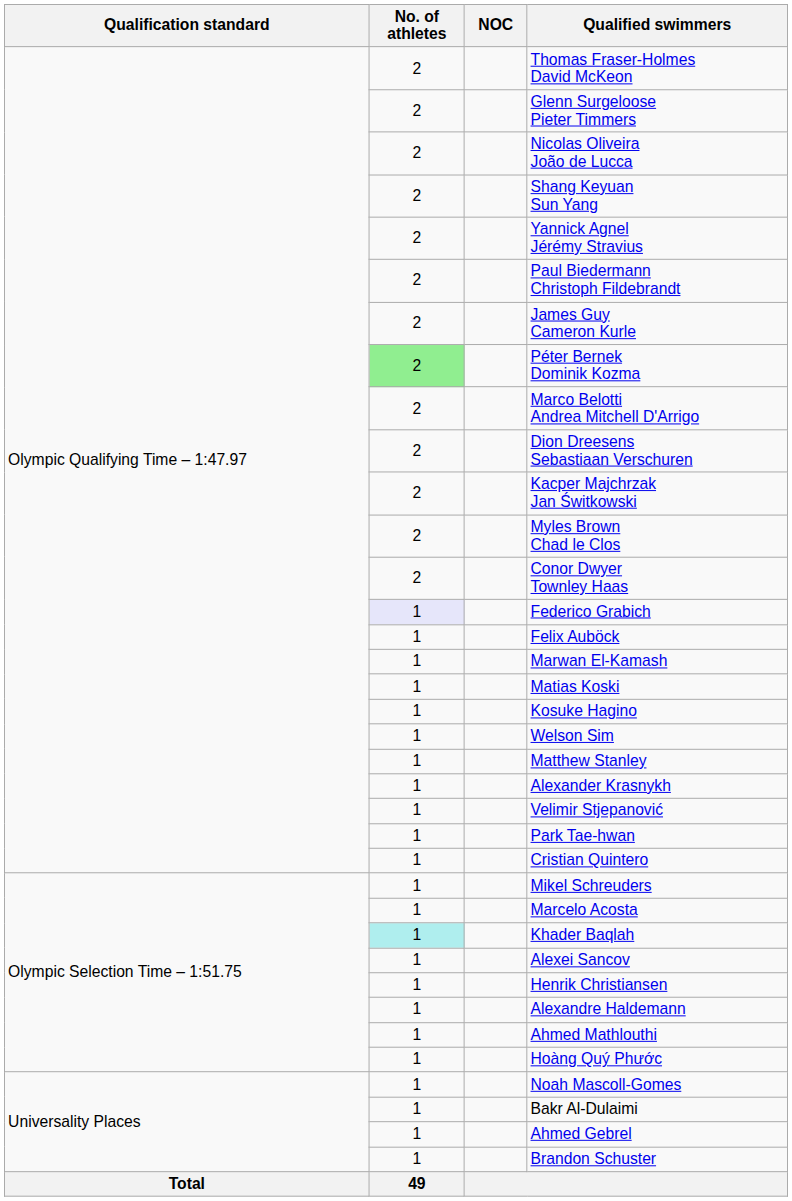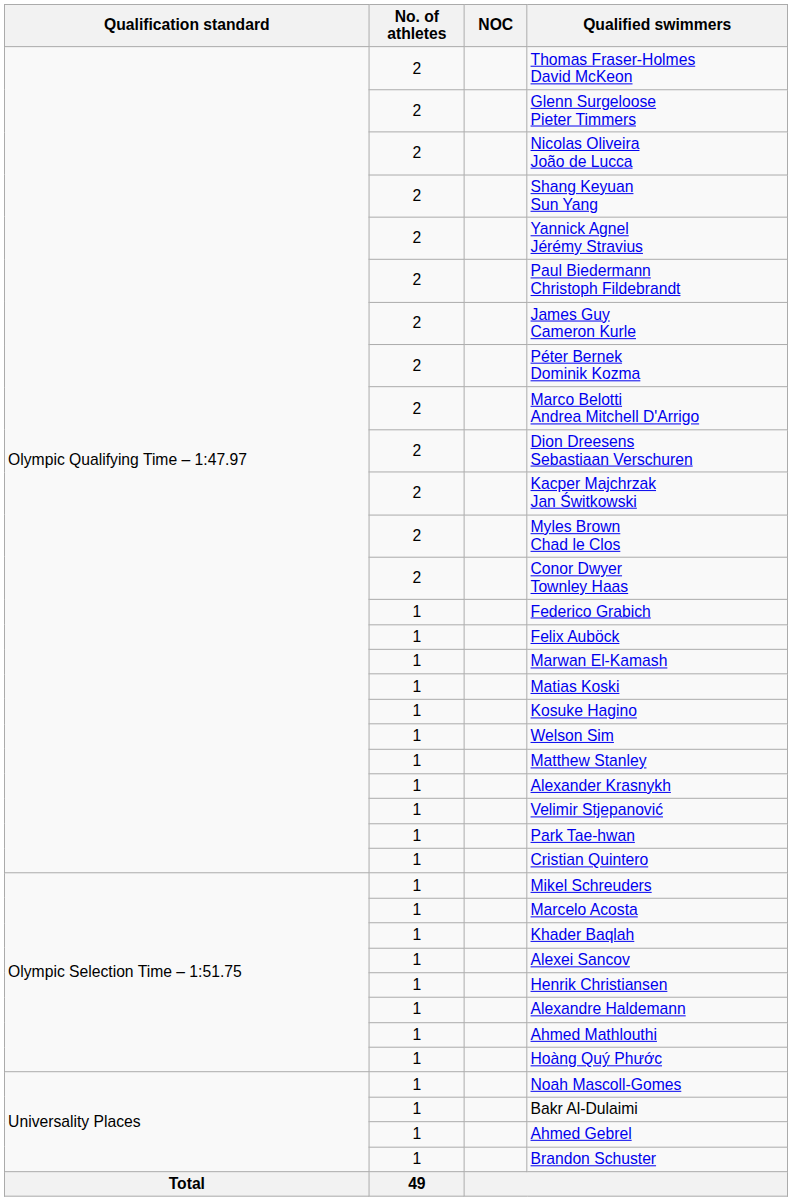 <table class=wikitable style="text-align:left" width=800>
 <tr>
 <th>Qualification standard</th>
 <th width=90>No. of athletes</th>
 <th>NOC</th>
 <th>Qualified swimmers</th>
 </tr>
 <tr>
 <td rowspan=24>Olympic Qualifying Time – 1:47.97</td>
 <td align=center>2</td>
 <td></td>
 <td><a href='#'>Thomas Fraser-Holmes</a><br><a href='#'>David McKeon</a></td>
 </tr>
 <tr>
 <td align=center>2</td>
 <td></td>
 <td><a href='#'>Glenn Surgeloose</a><br><a href='#'>Pieter Timmers</a></td>
 </tr>
 <tr>
 <td align=center>2</td>
 <td></td>
 <td><a href='#'>Nicolas Oliveira</a><br><a href='#'>João de Lucca</a></td>
 </tr>
 <tr>
 <td align=center>2</td>
 <td></td>
 <td><a href='#'>Shang Keyuan</a><br><a href='#'>Sun Yang</a></td>
 </tr>
 <tr>
 <td align=center>2</td>
 <td></td>
 <td><a href='#'>Yannick Agnel</a><br><a href='#'>Jérémy Stravius</a></td>
 </tr>
 <tr>
 <td align=center>2</td>
 <td></td>
 <td><a href='#'>Paul Biedermann</a><br><a href='#'>Christoph Fildebrandt</a></td>
 </tr>
 <tr>
 <td align=center>2</td>
 <td></td>
 <td><a href='#'>James Guy</a><br><a href='#'>Cameron Kurle</a></td>
 </tr>
 <tr>
-<td align=center style="background: lightgreen;">2</td>
+<td align=center>2</td>
 <td></td>
 <td><a href='#'>Péter Bernek</a><br><a href='#'>Dominik Kozma</a></td>
 </tr>
 <tr>
 <td align=center>2</td>
 <td></td>
 <td><a href='#'>Marco Belotti</a><br><a href='#'>Andrea Mitchell D'Arrigo</a></td>
 </tr>
 <tr>
 <td align=center>2</td>
 <td></td>
 <td><a href='#'>Dion Dreesens</a><br><a href='#'>Sebastiaan Verschuren</a></td>
 </tr>
 <tr>
 <td align=center>2</td>
 <td></td>
 <td><a href='#'>Kacper Majchrzak</a><br><a href='#'>Jan Świtkowski</a></td>
 </tr>
 <tr>
 <td align=center>2</td>
 <td></td>
 <td><a href='#'>Myles Brown</a><br><a href='#'>Chad le Clos</a></td>
 </tr>
 <tr>
 <td align=center>2</td>
 <td></td>
 <td><a href='#'>Conor Dwyer</a><br><a href='#'>Townley Haas</a></td>
 </tr>
 <tr>
-<td align=center style="background: lavender;">1</td>
+<td align=center>1</td>
 <td></td>
 <td><a href='#'>Federico Grabich</a></td>
 </tr>
 <tr>
 <td align=center>1</td>
 <td></td>
 <td><a href='#'>Felix Auböck</a></td>
 </tr>
 <tr>
 <td align=center>1</td>
 <td></td>
 <td><a href='#'>Marwan El-Kamash</a></td>
 </tr>
 <tr>
 <td align=center>1</td>
 <td></td>
 <td><a href='#'>Matias Koski</a></td>
 </tr>
 <tr>
 <td align=center>1</td>
 <td></td>
 <td><a href='#'>Kosuke Hagino</a></td>
 </tr>
 <tr>
 <td align=center>1</td>
 <td></td>
 <td><a href='#'>Welson Sim</a></td>
 </tr>
 <tr>
 <td align=center>1</td>
 <td></td>
 <td><a href='#'>Matthew Stanley</a></td>
 </tr>
 <tr>
 <td align=center>1</td>
 <td></td>
 <td><a href='#'>Alexander Krasnykh</a></td>
 </tr>
 <tr>
 <td align=center>1</td>
 <td></td>
 <td><a href='#'>Velimir Stjepanović</a></td>
 </tr>
 <tr>
 <td align=center>1</td>
 <td></td>
 <td><a href='#'>Park Tae-hwan</a></td>
 </tr>
 <tr>
 <td align=center>1</td>
 <td></td>
 <td><a href='#'>Cristian Quintero</a></td>
 </tr>
 <tr>
 <td rowspan=8>Olympic Selection Time – 1:51.75</td>
 <td align=center>1</td>
 <td></td>
 <td><a href='#'>Mikel Schreuders</a></td>
 </tr>
 <tr>
 <td align=center>1</td>
 <td></td>
 <td><a href='#'>Marcelo Acosta</a></td>
 </tr>
 <tr>
-<td align=center style="background: paleturquoise;">1</td>
+<td align=center>1</td>
 <td></td>
 <td><a href='#'>Khader Baqlah</a></td>
 </tr>
 <tr>
 <td align=center>1</td>
 <td></td>
 <td><a href='#'>Alexei Sancov</a></td>
 </tr>
 <tr>
 <td align=center>1</td>
 <td></td>
 <td><a href='#'>Henrik Christiansen</a></td>
 </tr>
 <tr>
 <td align=center>1</td>
 <td></td>
 <td><a href='#'>Alexandre Haldemann</a></td>
 </tr>
 <tr>
 <td align=center>1</td>
 <td></td>
 <td><a href='#'>Ahmed Mathlouthi</a></td>
 </tr>
 <tr>
 <td align=center>1</td>
 <td></td>
 <td><a href='#'>Hoàng Quý Phước</a></td>
 </tr>
 <tr>
 <td rowspan=4>Universality Places</td>
 <td align=center>1</td>
 <td></td>
 <td><a href='#'>Noah Mascoll-Gomes</a></td>
 </tr>
 <tr>
 <td align=center>1</td>
 <td></td>
 <td>Bakr Al-Dulaimi</td>
 </tr>
 <tr>
 <td align=center>1</td>
 <td></td>
 <td><a href='#'>Ahmed Gebrel</a></td>
 </tr>
 <tr>
 <td align=center>1</td>
 <td></td>
 <td><a href='#'>Brandon Schuster</a></td>
 </tr>
 <tr>
 <th><strong>Total</strong></th>
 <th>49</th>
 <th colspan=2></th>
 </tr>
 </table>
